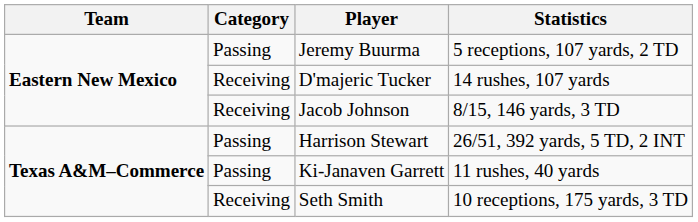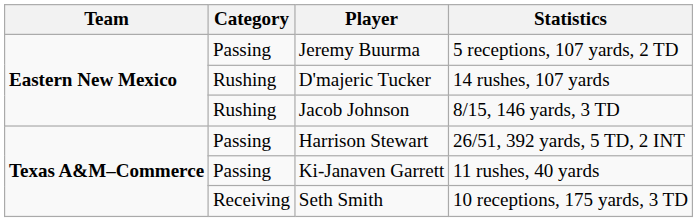 <table class="wikitable" style="float: left;">
 <tr>
 <th>Team</th>
 <th>Category</th>
 <th>Player</th>
 <th>Statistics</th>
 </tr>
 <tr>
 <td rowspan=3><strong>Eastern New Mexico</strong></td>
 <td>Passing</td>
 <td>Jeremy Buurma</td>
 <td>5 receptions, 107 yards, 2 TD</td>
 </tr>
 <tr>
-<td>Receiving</td>
+<td>Rushing</td>
 <td>D'majeric Tucker</td>
 <td>14 rushes, 107 yards</td>
 </tr>
 <tr>
-<td>Receiving</td>
+<td>Rushing</td>
 <td>Jacob Johnson</td>
 <td>8/15, 146 yards, 3 TD</td>
 </tr>
 <tr>
 <td rowspan=3><strong>Texas A&M–Commerce</strong></td>
 <td>Passing</td>
 <td>Harrison Stewart</td>
 <td>26/51, 392 yards, 5 TD, 2 INT</td>
 </tr>
 <tr>
 <td>Passing</td>
 <td>Ki-Janaven Garrett</td>
 <td>11 rushes, 40 yards</td>
 </tr>
 <tr>
 <td>Receiving</td>
 <td>Seth Smith</td>
 <td>10 receptions, 175 yards, 3 TD</td>
 </tr>
 </table>
